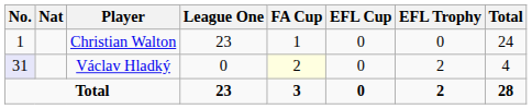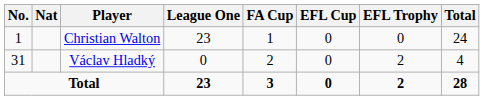 <table class="wikitable" style="text-align:center">
 <tr>
 <th width=0%>No.</th>
 <th width=0%>Nat</th>
 <th width=0%>Player</th>
 <th width=0%>League One</th>
 <th width=0%>FA Cup</th>
 <th width=0%>EFL Cup</th>
 <th width=0%>EFL Trophy</th>
 <th width=0%>Total</th>
 </tr>
 <tr>
 <td>1</td>
 <td></td>
 <td><a href='#'>Christian Walton</a></td>
 <td>23</td>
 <td>1</td>
 <td>0</td>
 <td>0</td>
 <td>24</td>
 </tr>
 <tr>
-<td style="background: lavender;">31</td>
+<td>31</td>
 <td></td>
 <td><a href='#'>Václav Hladký</a></td>
 <td>0</td>
-<td style="background: lightyellow;">2</td>
+<td>2</td>
 <td>0</td>
 <td>2</td>
 <td>4</td>
 </tr>
 <tr>
 <td colspan=3><strong>Total</strong></td>
 <td><strong>23</strong></td>
 <td><strong>3</strong></td>
 <td><strong>0</strong></td>
 <td><strong>2</strong></td>
 <td><strong>28</strong></td>
 </tr>
 </table>
